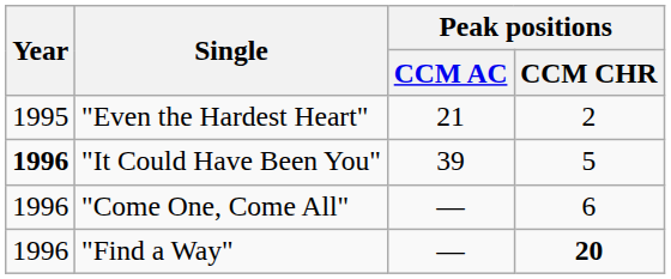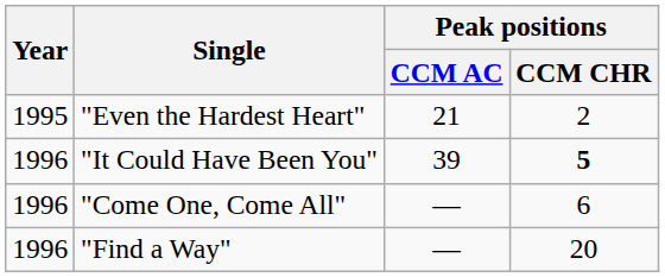 <table class="wikitable">
 <tr>
 <th rowspan="2">Year</th>
 <th rowspan="2">Single</th>
 <th colspan="2">Peak positions</th>
 </tr>
 <tr>
 <th><a href='#'>CCM AC</a></th>
 <th>CCM CHR</th>
 </tr>
 <tr>
 <td>1995</td>
 <td>"Even the Hardest Heart"</td>
 <td align="center">21</td>
 <td align="center">2</td>
 </tr>
 <tr>
-<td><strong>1996</strong></td>
+<td>1996</td>
 <td>"It Could Have Been You"</td>
 <td align="center">39</td>
-<td align="center">5</td>
+<td align="center"><strong>5</strong></td>
 </tr>
 <tr>
 <td>1996</td>
 <td>"Come One, Come All"</td>
 <td align="center">—</td>
 <td align="center">6</td>
 </tr>
 <tr>
 <td>1996</td>
 <td>"Find a Way"</td>
 <td align="center">—</td>
-<td align="center"><strong>20</strong></td>
+<td align="center">20</td>
 </tr>
 </table>
